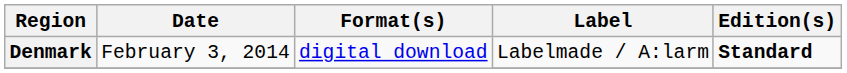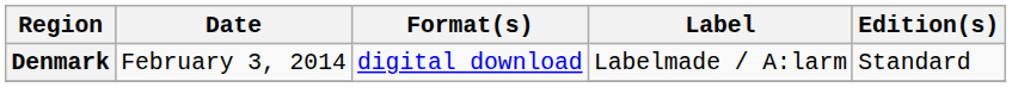 <table class="wikitable plainrowheaders">
 <tr>
 <th scope="col">Region</th>
 <th scope="col">Date</th>
 <th scope="col">Format(s)</th>
 <th scope="col">Label</th>
 <th scope="col">Edition(s)</th>
 </tr>
 <tr>
 <th scope="row">Denmark</th>
 <td rowspan="1">February 3, 2014</td>
 <td rowspan="3"><a href='#'>digital download</a></td>
 <td>Labelmade / A:larm</td>
-<td rowspan="1"><strong>Standard</strong></td>
+<td rowspan="1">Standard</td>
 </tr>
 <tr>
 </tr>
 </table>
